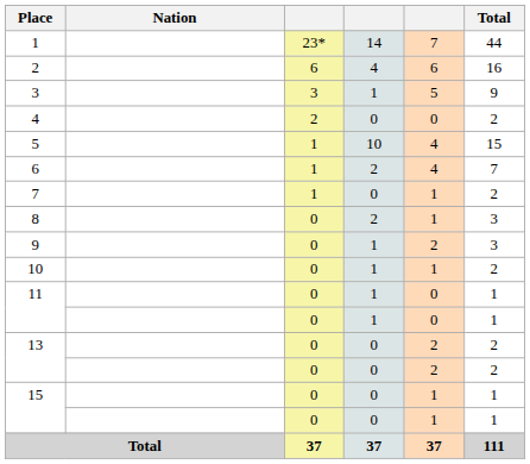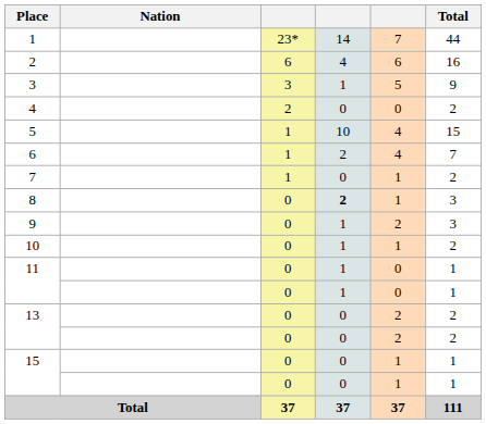 <table class=wikitable style="border:1px solid #AAAAAA;font-size:90%">
 <tr bgcolor="#EFEFEF">
 <th width=50>Place</th>
 <th width=200>Nation</th>
 <th width=50></th>
 <th width=50></th>
 <th width=50></th>
 <th width=50>Total</th>
 </tr>
 <tr align="center" valign="top" bgcolor="#FFFFFF">
 <td>1</td>
 <td align="left"></td>
 <td style="background:#F7F6A8;">23*</td>
 <td style="background:#DCE5E5;">14</td>
 <td style="background:#FFDAB9;">7</td>
 <td>44</td>
 </tr>
 <tr align="center" valign="top" bgcolor="#FFFFFF">
 <td>2</td>
 <td align="left"></td>
 <td style="background:#F7F6A8;">6</td>
 <td style="background:#DCE5E5;">4</td>
 <td style="background:#FFDAB9;">6</td>
 <td>16</td>
 </tr>
 <tr align="center" valign="top" bgcolor="#FFFFFF">
 <td>3</td>
 <td align="left"></td>
 <td style="background:#F7F6A8;">3</td>
 <td style="background:#DCE5E5;">1</td>
 <td style="background:#FFDAB9;">5</td>
 <td>9</td>
 </tr>
 <tr align="center" valign="top" bgcolor="#FFFFFF">
 <td>4</td>
 <td align="left"></td>
 <td style="background:#F7F6A8;">2</td>
 <td style="background:#DCE5E5;">0</td>
 <td style="background:#FFDAB9;">0</td>
 <td>2</td>
 </tr>
 <tr align="center" valign="top" bgcolor="#FFFFFF">
 <td>5</td>
 <td align="left"></td>
 <td style="background:#F7F6A8;">1</td>
 <td style="background:#DCE5E5;">10</td>
 <td style="background:#FFDAB9;">4</td>
 <td>15</td>
 </tr>
 <tr align="center" valign="top" bgcolor="#FFFFFF">
 <td>6</td>
 <td align="left"></td>
 <td style="background:#F7F6A8;">1</td>
 <td style="background:#DCE5E5;">2</td>
 <td style="background:#FFDAB9;">4</td>
 <td>7</td>
 </tr>
 <tr align="center" valign="top" bgcolor="#FFFFFF">
 <td>7</td>
 <td align="left"></td>
 <td style="background:#F7F6A8;">1</td>
 <td style="background:#DCE5E5;">0</td>
 <td style="background:#FFDAB9;">1</td>
 <td>2</td>
 </tr>
 <tr align="center" valign="top" bgcolor="#FFFFFF">
 <td>8</td>
 <td align="left"></td>
 <td style="background:#F7F6A8;">0</td>
-<td style="background:#DCE5E5;">2</td>
+<td style="background:#DCE5E5;"><strong>2</strong></td>
 <td style="background:#FFDAB9;">1</td>
 <td>3</td>
 </tr>
 <tr align="center" valign="top" bgcolor="#FFFFFF">
 <td>9</td>
 <td align="left"></td>
 <td style="background:#F7F6A8;">0</td>
 <td style="background:#DCE5E5;">1</td>
 <td style="background:#FFDAB9;">2</td>
 <td>3</td>
 </tr>
 <tr align="center" valign="top" bgcolor="#FFFFFF">
 <td>10</td>
 <td align="left"></td>
 <td style="background:#F7F6A8;">0</td>
 <td style="background:#DCE5E5;">1</td>
 <td style="background:#FFDAB9;">1</td>
 <td>2</td>
 </tr>
 <tr align="center" valign="top" bgcolor="#FFFFFF">
 <td rowspan="2" valign="center">11</td>
 <td align="left"></td>
 <td style="background:#F7F6A8;">0</td>
 <td style="background:#DCE5E5;">1</td>
 <td style="background:#FFDAB9;">0</td>
 <td>1</td>
 </tr>
 <tr align="center" valign="top" bgcolor="#FFFFFF">
 <td align="left"></td>
 <td style="background:#F7F6A8;">0</td>
 <td style="background:#DCE5E5;">1</td>
 <td style="background:#FFDAB9;">0</td>
 <td>1</td>
 </tr>
 <tr align="center" valign="top" bgcolor="#FFFFFF">
 <td rowspan="2" valign="center">13</td>
 <td align="left"></td>
 <td style="background:#F7F6A8;">0</td>
 <td style="background:#DCE5E5;">0</td>
 <td style="background:#FFDAB9;">2</td>
 <td>2</td>
 </tr>
 <tr align="center" valign="top" bgcolor="#FFFFFF">
 <td align="left"></td>
 <td style="background:#F7F6A8;">0</td>
 <td style="background:#DCE5E5;">0</td>
 <td style="background:#FFDAB9;">2</td>
 <td>2</td>
 </tr>
 <tr align="center" valign="top" bgcolor="#FFFFFF">
 <td rowspan="2" valign="center">15</td>
 <td align="left"></td>
 <td style="background:#F7F6A8;">0</td>
 <td style="background:#DCE5E5;">0</td>
 <td style="background:#FFDAB9;">1</td>
 <td>1</td>
 </tr>
 <tr align="center" valign="top" bgcolor="#FFFFFF">
 <td align="left"></td>
 <td style="background:#F7F6A8;">0</td>
 <td style="background:#DCE5E5;">0</td>
 <td style="background:#FFDAB9;">1</td>
 <td>1</td>
 </tr>
 <tr align="center">
 <td colspan="2" bgcolor=D3D3D3><strong>Total</strong></td>
 <td style="background:#F7F6A8;"><strong>37</strong></td>
 <td style="background:#DCE5E5;"><strong>37</strong></td>
 <td style="background:#FFDAB9;"><strong>37</strong></td>
 <td bgcolor=D3D3D3><strong>111</strong></td>
 </tr>
 </table>
